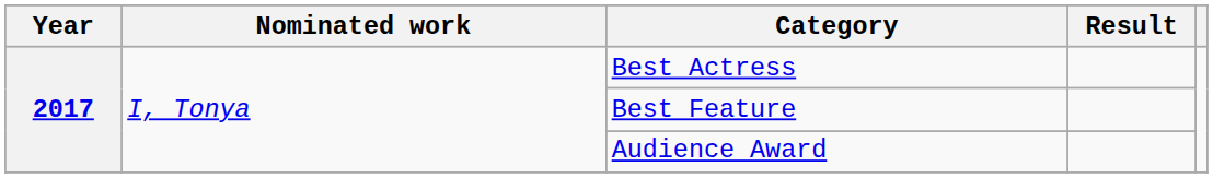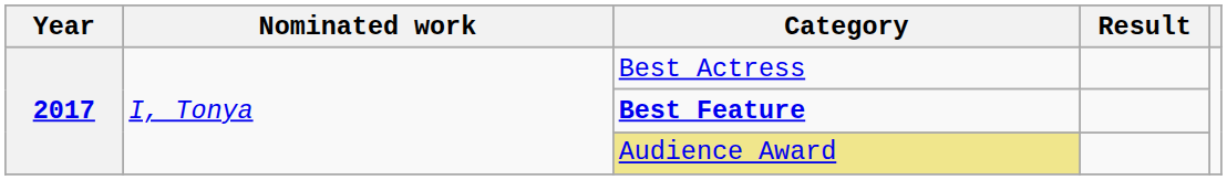 <table class=wikitable>
 <tr>
 <th scope="col" style="width:5em;">Year</th>
 <th scope="col" style="width:26em;">Nominated work</th>
 <th scope="col" style="width:25em;">Category</th>
 <th scope="col" style="width:5em;">Result</th>
 <th scope="col"></th>
 </tr>
 <tr>
 <th scope="row" rowspan="3"><a href='#'>2017</a></th>
 <td rowspan="3"><em><a href='#'>I, Tonya</a></em></td>
 <td><a href='#'>Best Actress</a></td>
 <td></td>
 <td rowspan="3"><br></td>
 </tr>
 <tr>
-<td><a href='#'>Best Feature</a></td>
+<td><strong><a href='#'>Best Feature</a></strong></td>
 <td></td>
 </tr>
 <tr>
-<td><a href='#'>Audience Award</a></td>
+<td style="background: khaki;"><a href='#'>Audience Award</a></td>
 <td></td>
 </tr>
 </table>
